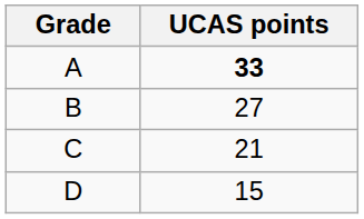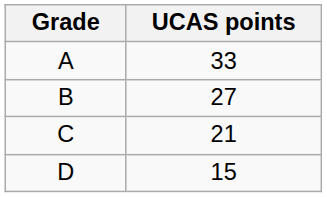 <table class="wikitable" border="1" style="text-align:center; margin-left:1em;">
 <tr>
 <th width="75">Grade</th>
 <th width="125">UCAS points</th>
 </tr>
 <tr>
 <td align="center">A</td>
-<td><strong>33</strong></td>
+<td>33</td>
 </tr>
 <tr>
 <td align="center">B</td>
 <td>27</td>
 </tr>
 <tr>
 <td align="center">C</td>
 <td>21</td>
 </tr>
 <tr>
 <td align="center">D</td>
 <td>15</td>
 </tr>
 </table>
